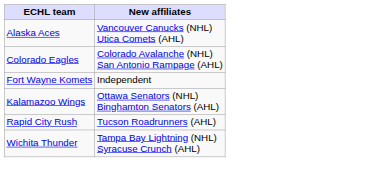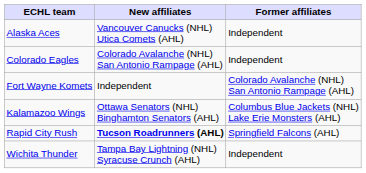 <table class="wikitable">
 <tr>
 <th style="background:#ddf">ECHL team</th>
 <th style="background:#ddf">New affiliates</th>
+<th style="background:#ddf">Former affiliates</th>
 </tr>
 <tr>
 <td><a href='#'>Alaska Aces</a></td>
 <td><a href='#'>Vancouver Canucks</a> (NHL)<br><a href='#'>Utica Comets</a> (AHL)</td>
+<td>Independent</td>
 </tr>
 <tr>
 <td><a href='#'>Colorado Eagles</a></td>
 <td><a href='#'>Colorado Avalanche</a> (NHL)<br><a href='#'>San Antonio Rampage</a> (AHL)</td>
+<td>Independent</td>
 </tr>
 <tr>
 <td><a href='#'>Fort Wayne Komets</a></td>
 <td>Independent</td>
+<td><a href='#'>Colorado Avalanche</a> (NHL)<br><a href='#'>San Antonio Rampage</a> (AHL)</td>
 </tr>
 <tr>
 <td><a href='#'>Kalamazoo Wings</a></td>
 <td><a href='#'>Ottawa Senators</a> (NHL)<br><a href='#'>Binghamton Senators</a> (AHL)</td>
+<td><a href='#'>Columbus Blue Jackets</a> (NHL)<br><a href='#'>Lake Erie Monsters</a> (AHL)</td>
 </tr>
 <tr>
 <td><a href='#'>Rapid City Rush</a></td>
-<td><a href='#'>Tucson Roadrunners</a> (AHL)</td>
+<td><strong><a href='#'>Tucson Roadrunners</a> (AHL)</strong></td>
+<td><a href='#'>Springfield Falcons</a> (AHL)</td>
 </tr>
 <tr>
 <td><a href='#'>Wichita Thunder</a></td>
 <td><a href='#'>Tampa Bay Lightning</a> (NHL)<br><a href='#'>Syracuse Crunch</a> (AHL)</td>
+<td>Independent</td>
 </tr>
 </table>
